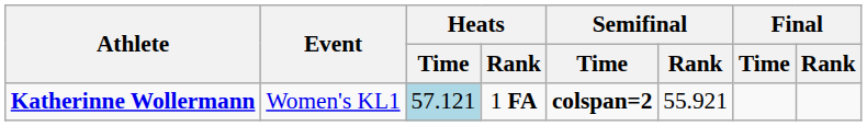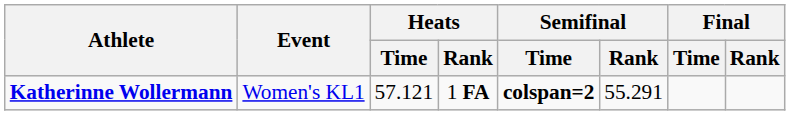 <table class="wikitable" style="font-size:90%">
 <tr>
 <th rowspan="2">Athlete</th>
 <th rowspan="2">Event</th>
 <th colspan="2">Heats</th>
 <th colspan="2">Semifinal</th>
 <th colspan="2">Final</th>
 </tr>
 <tr>
 <th>Time</th>
 <th>Rank</th>
 <th>Time</th>
 <th>Rank</th>
 <th>Time</th>
 <th>Rank</th>
 </tr>
 <tr align="center">
 <td align=left><strong><a href='#'>Katherinne Wollermann</a></strong></td>
 <td align=left><a href='#'>Women's KL1</a></td>
-<td style="background: lightblue;">57.121</td>
+<td>57.121</td>
 <td>1 <strong>FA</strong></td>
 <td><strong>colspan=2 </strong></td>
-<td>55.921</td>
+<td>55.291</td>
 <td></td>
 </tr>
 </table>
